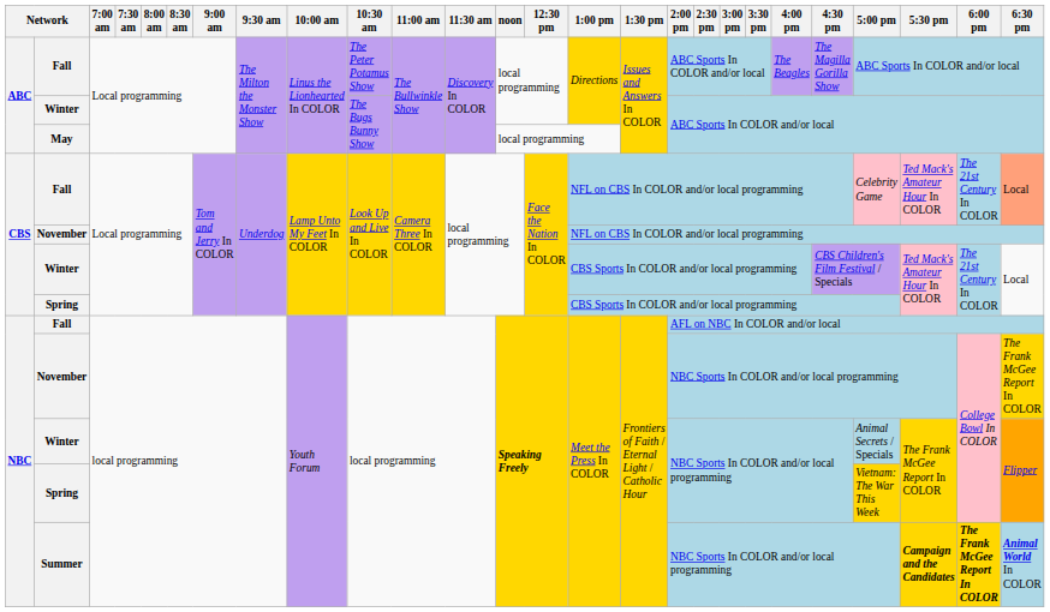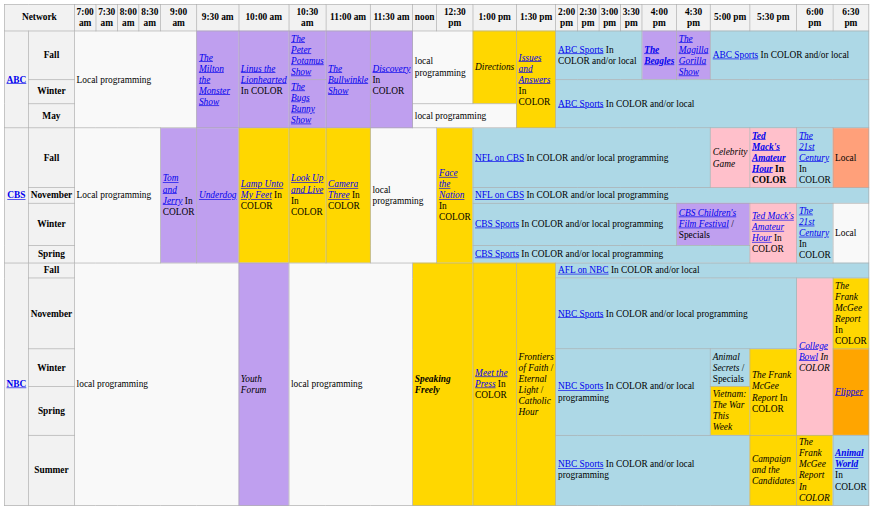 <table class=wikitable style="font-size:90%">
 <tr>
 <th width="1.5%" bgcolor="#C0C0C0" colspan="2">Network</th>
 <th width="13%" bgcolor="#C0C0C0">7:00 am</th>
 <th width="14%" bgcolor="#C0C0C0">7:30 am</th>
 <th width="13%" bgcolor="#C0C0C0">8:00 am</th>
 <th width="14%" bgcolor="#C0C0C0">8:30 am</th>
 <th width="13%" bgcolor="#C0C0C0">9:00 am</th>
 <th width="14%" bgcolor="#C0C0C0">9:30 am</th>
 <th width="13%" bgcolor="#C0C0C0">10:00 am</th>
 <th width="14%" bgcolor="#C0C0C0">10:30 am</th>
 <th width="13%" bgcolor="#C0C0C0">11:00 am</th>
 <th width="14%" bgcolor="#C0C0C0">11:30 am</th>
 <th width="13%" bgcolor="#C0C0C0">noon</th>
 <th width="14%" bgcolor="#C0C0C0">12:30 pm</th>
 <th width="13%" bgcolor="#C0C0C0">1:00 pm</th>
 <th width="14%" bgcolor="#C0C0C0">1:30 pm</th>
 <th width="13%" bgcolor="#C0C0C0">2:00 pm</th>
 <th width="14%" bgcolor="#C0C0C0">2:30 pm</th>
 <th width="13%" bgcolor="#C0C0C0">3:00 pm</th>
 <th width="14%" bgcolor="#C0C0C0">3:30 pm</th>
 <th width="13%" bgcolor="#C0C0C0">4:00 pm</th>
 <th width="14%" bgcolor="#C0C0C0">4:30 pm</th>
 <th width="13%" bgcolor="#C0C0C0">5:00 pm</th>
 <th width="14%" bgcolor="#C0C0C0">5:30 pm</th>
 <th width="13%" bgcolor="#C0C0C0">6:00 pm</th>
 <th width="14%" bgcolor="#C0C0C0">6:30 pm</th>
 </tr>
 <tr>
 <th bgcolor="#C0C0C0" rowspan=3><a href='#'>ABC</a></th>
 <th bgcolor=#C0C0C0>Fall</th>
 <td colspan="5"rowspan=3>Local programming</td>
 <td bgcolor=bf9fef rowspan=3><em><a href='#'>The Milton the Monster Show</a></em> </td>
 <td bgcolor=bf9fef rowspan=3><em><a href='#'>Linus the Lionhearted</a></em> In <span>C</span><span>O</span><span>L</span><span>O</span><span>R</span></td>
 <td bgcolor=bf9fef><em><a href='#'>The Peter Potamus Show</a></em> </td>
 <td bgcolor=bf9fef rowspan=3><em><a href='#'>The Bullwinkle Show</a></em> </td>
 <td bgcolor=bf9fef rowspan=3><em><a href='#'>Discovery</a></em> In <span>C</span><span>O</span><span>L</span><span>O</span><span>R</span></td>
 <td colspan="2" rowspan=2>local programming</td>
 <td bgcolor="gold" rowspan=2><em>Directions</em></td>
 <td bgcolor="gold" rowspan=3><em><a href='#'>Issues and Answers</a></em> In <span>C</span><span>O</span><span>L</span><span>O</span><span>R</span></td>
 <td bgcolor="lightblue" colspan=4><a href='#'>ABC Sports</a> In <span>C</span><span>O</span><span>L</span><span>O</span><span>R</span> and/or local</td>
-<td bgcolor="bf9fef"><em><a href='#'>The Beagles</a></em> </td>
+<td bgcolor="bf9fef"><strong><em><a href='#'>The Beagles</a></em> </strong></td>
 <td bgcolor="bf9fef"><em><a href='#'>The Magilla Gorilla Show</a></em> </td>
 <td bgcolor="lightblue" colspan=4><a href='#'>ABC Sports</a> In <span>C</span><span>O</span><span>L</span><span>O</span><span>R</span> and/or local</td>
 </tr>
 <tr>
 <th bgcolor=#C0C0C0>Winter</th>
 <td bgcolor="bf9fef" rowspan=2><em><a href='#'>The Bugs Bunny Show</a></em> </td>
 <td bgcolor="lightblue" colspan=10 rowspan=2><a href='#'>ABC Sports</a> In <span>C</span><span>O</span><span>L</span><span>O</span><span>R</span> and/or local</td>
 </tr>
 <tr>
 <th bgcolor=#C0C0C0>May</th>
 <td colspan="3">local programming</td>
 </tr>
 <tr>
 <th bgcolor="#C0C0C0" rowspan=4><a href='#'>CBS</a></th>
 <th bgcolor=#C0C0C0>Fall</th>
 <td colspan="4" rowspan=4>Local programming</td>
 <td rowspan="4" bgcolor="bf9fef"><em><a href='#'>Tom and Jerry</a></em> In <span>C</span><span>O</span><span>L</span><span>O</span><span>R</span></td>
 <td rowspan="4" bgcolor="bf9fef"><em><a href='#'>Underdog</a></em> </td>
 <td bgcolor=gold rowspan=4><em><a href='#'>Lamp Unto My Feet</a></em> In <span>C</span><span>O</span><span>L</span><span>O</span><span>R</span></td>
 <td bgcolor="gold" rowspan=4><em><a href='#'>Look Up and Live</a></em> In <span>C</span><span>O</span><span>L</span><span>O</span><span>R</span></td>
 <td bgcolor="gold" rowspan=4><em><a href='#'>Camera Three</a></em> In <span>C</span><span>O</span><span>L</span><span>O</span><span>R</span></td>
 <td colspan=2 rowspan=4>local programming</td>
 <td bgcolor="gold" rowspan=4><em><a href='#'>Face the Nation</a></em> In <span>C</span><span>O</span><span>L</span><span>O</span><span>R</span></td>
 <td bgcolor="lightblue" colspan=8><a href='#'>NFL on CBS</a> In <span>C</span><span>O</span><span>L</span><span>O</span><span>R</span> and/or local programming</td>
 <td bgcolor="pink"><em>Celebrity Game</em></td>
-<td bgcolor="pink"><em><a href='#'>Ted Mack's Amateur Hour</a></em> In <span>C</span><span>O</span><span>L</span><span>O</span><span>R</span></td>
+<td bgcolor="pink"><strong><em><a href='#'>Ted Mack's Amateur Hour</a></em> In <span>C</span><span>O</span><span>L</span><span>O</span><span>R</span></strong></td>
 <td bgcolor="lightblue"><em><a href='#'>The 21st Century</a></em> In <span>C</span><span>O</span><span>L</span><span>O</span><span>R</span></td>
 <td colspan=1 style="background: lightsalmon;">Local</td>
 </tr>
 <tr>
 <th bgcolor=#C0C0C0>November</th>
 <td bgcolor="lightblue" colspan=12><a href='#'>NFL on CBS</a> In <span>C</span><span>O</span><span>L</span><span>O</span><span>R</span> and/or local programming</td>
 </tr>
 <tr>
 <th bgcolor=#C0C0C0>Winter</th>
 <td bgcolor="lightblue" colspan=7><a href='#'>CBS Sports</a> In <span>C</span><span>O</span><span>L</span><span>O</span><span>R</span> and/or local programming</td>
 <td bgcolor="bf9fef" colspan=2><em><a href='#'>CBS Children's Film Festival</a></em> / Specials</td>
 <td bgcolor="pink" rowspan=2><em><a href='#'>Ted Mack's Amateur Hour</a></em> In <span>C</span><span>O</span><span>L</span><span>O</span><span>R</span></td>
 <td bgcolor="lightblue" rowspan=2><em><a href='#'>The 21st Century</a></em> In <span>C</span><span>O</span><span>L</span><span>O</span><span>R</span></td>
 <td colspan=1 rowspan=2>Local</td>
 </tr>
 <tr>
 <th bgcolor=#C0C0C0>Spring</th>
 <td bgcolor="lightblue" colspan=9><a href='#'>CBS Sports</a> In <span>C</span><span>O</span><span>L</span><span>O</span><span>R</span> and/or local programming</td>
 </tr>
 <tr>
 <th bgcolor="#C0C0C0" rowspan=5><a href='#'>NBC</a></th>
 <th bgcolor=#C0C0C0>Fall</th>
 <td colspan="6" rowspan="5">local programming</td>
 <td rowspan="5" bgcolor="bf9fef"><em>Youth Forum</em></td>
 <td colspan="3" rowspan="5">local programming</td>
 <td colspan="2" rowspan="5" bgcolor="gold"><strong><em>Speaking Freely</em></strong></td>
 <td bgcolor="gold" rowspan=5><em><a href='#'>Meet the Press</a></em> In <span>C</span><span>O</span><span>L</span><span>O</span><span>R</span></td>
 <td bgcolor="gold" rowspan=5><em>Frontiers of Faith</em> / <em>Eternal Light</em> / <em>Catholic Hour</em></td>
 <td bgcolor=lightblue colspan=10><a href='#'>AFL on NBC</a> In <span>C</span><span>O</span><span>L</span><span>O</span><span>R</span> and/or local</td>
 </tr>
 <tr>
 <th bgcolor=#C0C0C0>November</th>
 <td bgcolor="lightblue" colspan=8><a href='#'>NBC Sports</a> In <span>C</span><span>O</span><span>L</span><span>O</span><span>R</span> and/or local programming</td>
 <td bgcolor="pink" rowspan=3><em><a href='#'>College Bowl</a> In <span>C</span><span>O</span><span>L</span><span>O</span><span>R</span></em></td>
 <td bgcolor=gold><em>The Frank McGee Report</em> In <span>C</span><span>O</span><span>L</span><span>O</span><span>R</span></td>
 </tr>
 <tr>
 <th bgcolor=#C0C0C0>Winter</th>
 <td bgcolor="lightblue" colspan=6 rowspan=2><a href='#'>NBC Sports</a> In <span>C</span><span>O</span><span>L</span><span>O</span><span>R</span> and/or local programming</td>
 <td bgcolor="lightblue"><em>Animal Secrets</em> / Specials</td>
 <td bgcolor="gold" rowspan=2><em>The Frank McGee Report</em> In <span>C</span><span>O</span><span>L</span><span>O</span><span>R</span></td>
 <td bgcolor="orange" rowspan=2><em><a href='#'>Flipper</a> </em></td>
 </tr>
 <tr>
 <th bgcolor=#C0C0C0>Spring</th>
 <td bgcolor="gold"><em>Vietnam: The War This Week</em></td>
 </tr>
 <tr>
 <th bgcolor=#C0C0C0>Summer</th>
 <td bgcolor="lightblue" colspan=7 rowspan=2><a href='#'>NBC Sports</a> In <span>C</span><span>O</span><span>L</span><span>O</span><span>R</span> and/or local programming</td>
-<td bgcolor="gold"><strong><em>Campaign and the Candidates</em></strong></td>
-<td bgcolor="gold"><strong><em>The Frank McGee Report In <span>C</span><span>O</span><span>L</span><span>O</span><span>R</span></em></strong></td>
+<td bgcolor="gold"><em>Campaign and the Candidates</em></td>
+<td bgcolor="gold"><em>The Frank McGee Report In <span>C</span><span>O</span><span>L</span><span>O</span><span>R</span></em></td>
 <td bgcolor="lightblue"><strong><em><a href='#'>Animal World</a></em></strong> In <span>C</span><span>O</span><span>L</span><span>O</span><span>R</span></td>
 </tr>
 </table>
